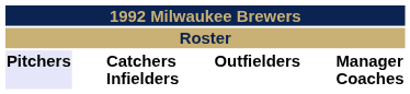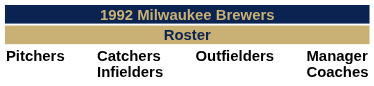 <table class="toccolours" style="font-size: 95%;">
 <tr>
 <th colspan="10" style="background-color: #0a2351; color:#c9b074;  text-align: center;">1992 Milwaukee Brewers</th>
 </tr>
 <tr>
 <td colspan="10" style="background-color: #c9b074; color: #0a2351; text-align: center;"><strong>Roster</strong></td>
 </tr>
 <tr>
-<td valign="top" style="background: lavender;"><strong>Pitchers</strong><br>              </td>
+<td valign="top"><strong>Pitchers</strong><br>              </td>
 <td width="25px"></td>
 <td valign="top"><strong>Catchers</strong><br>    <strong>Infielders</strong>           </td>
 <td width="25px"></td>
 <td valign="top"><strong>Outfielders</strong><br>    </td>
 <td width="25px"></td>
 <td valign="top"><strong>Manager</strong><br> <strong>Coaches</strong>     </td>
 </tr>
 <tr>
 </tr>
 </table>
